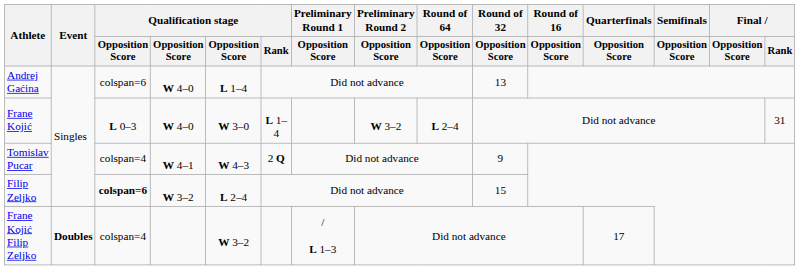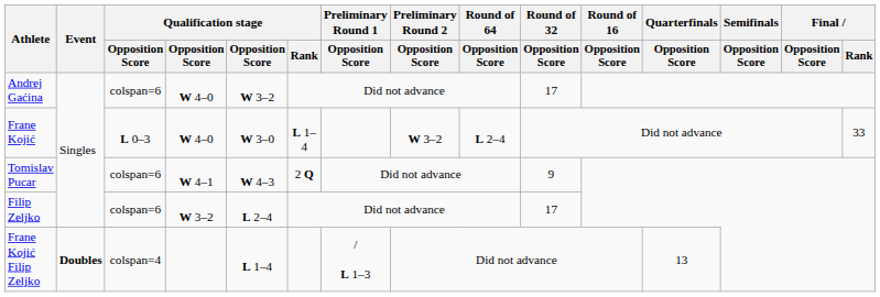 <table class=wikitable style=font-size:90%;text-align:center>
 <tr>
 <th rowspan=2>Athlete</th>
 <th rowspan=2>Event</th>
 <th colspan=4>Qualification stage</th>
 <th>Preliminary Round 1</th>
 <th>Preliminary Round 2</th>
 <th>Round of 64</th>
 <th>Round of 32</th>
 <th>Round of 16</th>
 <th>Quarterfinals</th>
 <th>Semifinals</th>
 <th colspan=2>Final / </th>
 </tr>
 <tr style=font-size:95%>
 <th>Opposition<br>Score</th>
 <th>Opposition<br>Score</th>
 <th>Opposition<br>Score</th>
 <th>Rank</th>
 <th>Opposition<br>Score</th>
 <th>Opposition<br>Score</th>
 <th>Opposition<br>Score</th>
 <th>Opposition<br>Score</th>
 <th>Opposition<br>Score</th>
 <th>Opposition<br>Score</th>
 <th>Opposition<br>Score</th>
 <th>Opposition<br>Score</th>
 <th>Rank</th>
 </tr>
 <tr>
 <td align=left><a href='#'>Andrej Gaćina</a></td>
 <td align=left rowspan=4>Singles</td>
 <td>colspan=6</td>
 <td><br><strong>W</strong> 4–0</td>
-<td><br><strong>L</strong> 1–4</td>
+<td><br><strong>W</strong> 3–2</td>
 <td colspan=4>Did not advance</td>
-<td>13</td>
+<td>17</td>
 </tr>
 <tr>
 <td align=left><a href='#'>Frane Kojić</a></td>
 <td><br><strong>L</strong> 0–3</td>
 <td><br><strong>W</strong> 4–0</td>
 <td><br><strong>W</strong> 3–0</td>
 <td><br><strong>L</strong> 1–4</td>
 <td></td>
 <td><br><strong>W</strong> 3–2</td>
 <td><br><strong>L</strong> 2–4</td>
 <td colspan=5>Did not advance</td>
-<td>31</td>
+<td>33</td>
 </tr>
 <tr>
 <td align=left><a href='#'>Tomislav Pucar</a></td>
-<td>colspan=4</td>
+<td>colspan=6</td>
 <td><br><strong>W</strong> 4–1</td>
 <td><br><strong>W</strong> 4–3</td>
 <td>2 <strong>Q</strong></td>
 <td colspan=3>Did not advance</td>
 <td>9</td>
 </tr>
 <tr>
 <td align=left><a href='#'>Filip Zeljko</a></td>
-<td><strong>colspan=6</strong></td>
+<td>colspan=6</td>
 <td><br><strong>W</strong> 3–2</td>
 <td><br><strong>L</strong> 2–4</td>
 <td colspan=4>Did not advance</td>
-<td>15</td>
+<td>17</td>
 </tr>
 <tr>
 <td align=left><a href='#'>Frane Kojić</a><br><a href='#'>Filip Zeljko</a></td>
 <td><strong>Doubles</strong></td>
 <td>colspan=4</td>
 <td></td>
-<td><br><strong>W</strong> 3–2</td>
+<td><br><strong>L</strong> 1–4</td>
 <td></td>
 <td> /<br><br><strong>L</strong> 1–3</td>
 <td colspan=4>Did not advance</td>
-<td>17</td>
+<td>13</td>
 </tr>
 </table>
